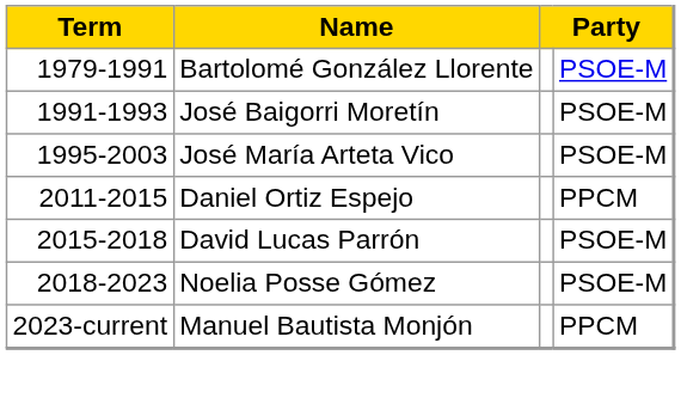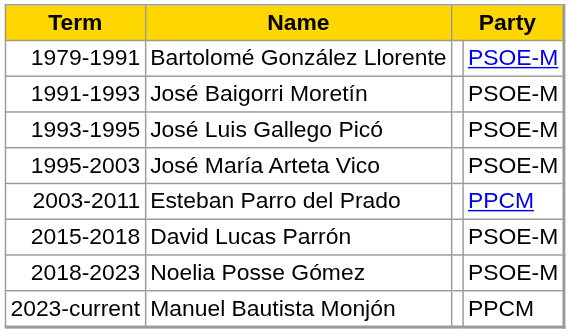 <table align="center" rules="all" cellspacing="0" cellpadding="3" style="border: 1px solid #999; border-right: 2px solid #999; border-bottom:2px solid #999">
 <tr>
 <th bgcolor="gold">Term</th>
 <th align="center" bgcolor="gold">Name</th>
 <th colspan="2" bgcolor="gold">Party</th>
 </tr>
 <tr>
 <td align="right">1979-1991</td>
 <td>Bartolomé González Llorente</td>
 <td width="1"></td>
 <td><a href='#'>PSOE-M</a></td>
 </tr>
 <tr>
 <td align="right">1991-1993</td>
 <td>José Baigorri Moretín</td>
 <td width="1"></td>
 <td>PSOE-M</td>
 </tr>
 <tr>
+<td align="right">1993-1995</td>
+<td>José Luis Gallego Picó</td>
+<td width="1"></td>
+<td>PSOE-M</td>
+</tr>
+<tr>
 <td align="right">1995-2003</td>
 <td>José María Arteta Vico</td>
 <td width="1"></td>
 <td>PSOE-M</td>
 </tr>
 <tr>
-<td align="right">2011-2015</td>
-<td>Daniel Ortiz Espejo</td>
+<td align="right">2003-2011</td>
+<td>Esteban Parro del Prado</td>
 <td></td>
-<td>PPCM</td>
+<td><a href='#'>PPCM</a></td>
 </tr>
 <tr>
 <td align="right">2015-2018</td>
 <td>David Lucas Parrón</td>
 <td></td>
 <td>PSOE-M</td>
 </tr>
 <tr>
 <td align="right">2018-2023</td>
 <td>Noelia Posse Gómez</td>
 <td></td>
 <td>PSOE-M</td>
 </tr>
 <tr>
 <td align="right">2023-current</td>
 <td>Manuel Bautista Monjón</td>
 <td></td>
 <td>PPCM</td>
 </tr>
 <tr>
 </tr>
 </table>
